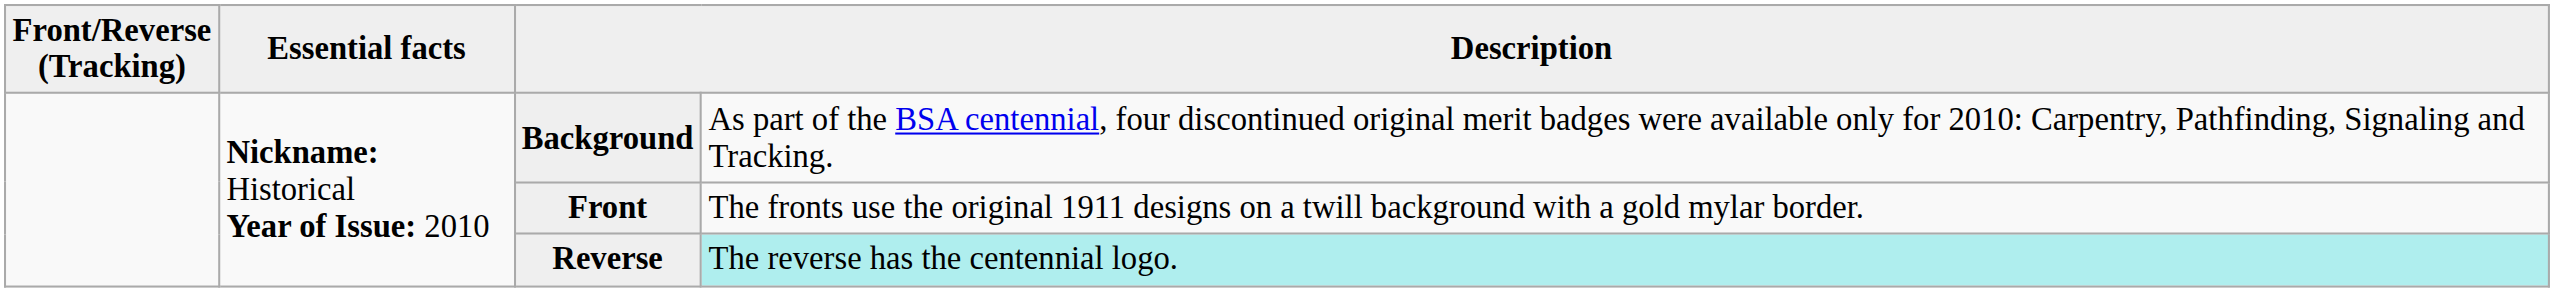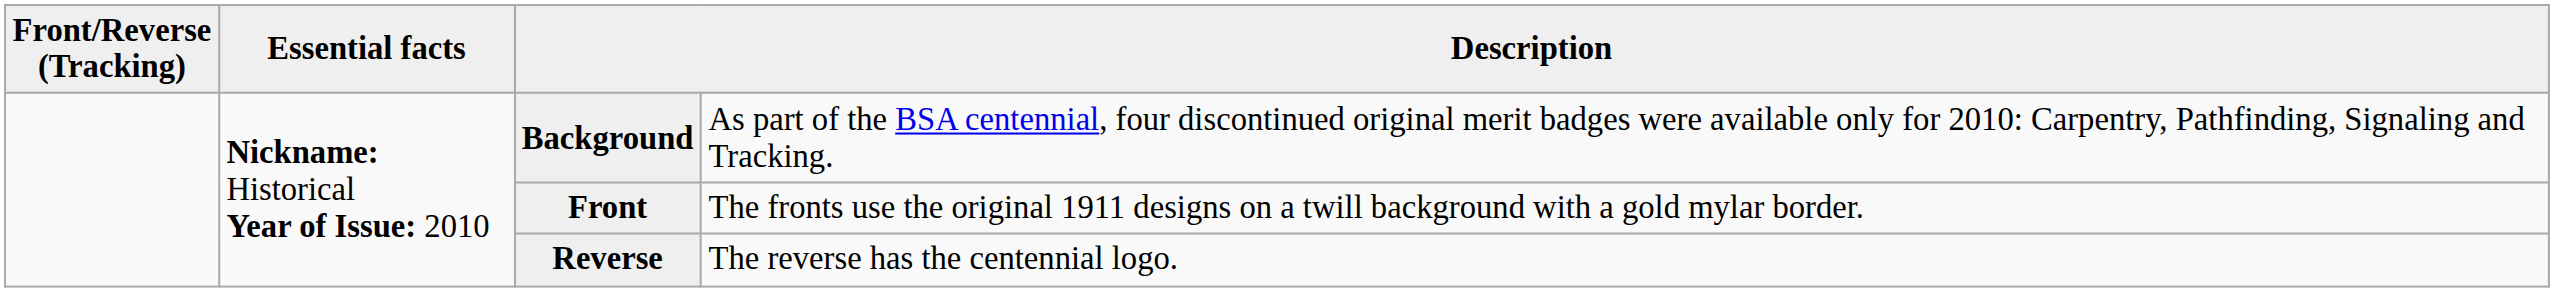 <table class="wikitable">
 <tr>
 <th style="background:#efefef;">Front/Reverse<br>(Tracking)</th>
 <th style="background:#efefef;">Essential facts</th>
 <th style="background:#efefef;" colspan=2>Description</th>
 </tr>
 <tr>
 <td rowspan=3></td>
 <td rowspan=3><strong>Nickname:</strong> Historical<br><strong>Year of Issue:</strong> 2010</td>
 <th style="background:#efefef;">Background</th>
 <td>As part of the <a href='#'>BSA centennial</a>, four discontinued original merit badges were available only for 2010: Carpentry, Pathfinding, Signaling and Tracking.</td>
 </tr>
 <tr>
 <th style="background:#efefef;">Front</th>
 <td>The fronts use the original 1911 designs on a twill background with a gold mylar border.</td>
 </tr>
 <tr>
 <th style="background:#efefef;">Reverse</th>
-<td style="background: paleturquoise;">The reverse has the centennial logo.</td>
+<td>The reverse has the centennial logo.</td>
 </tr>
 </table>
